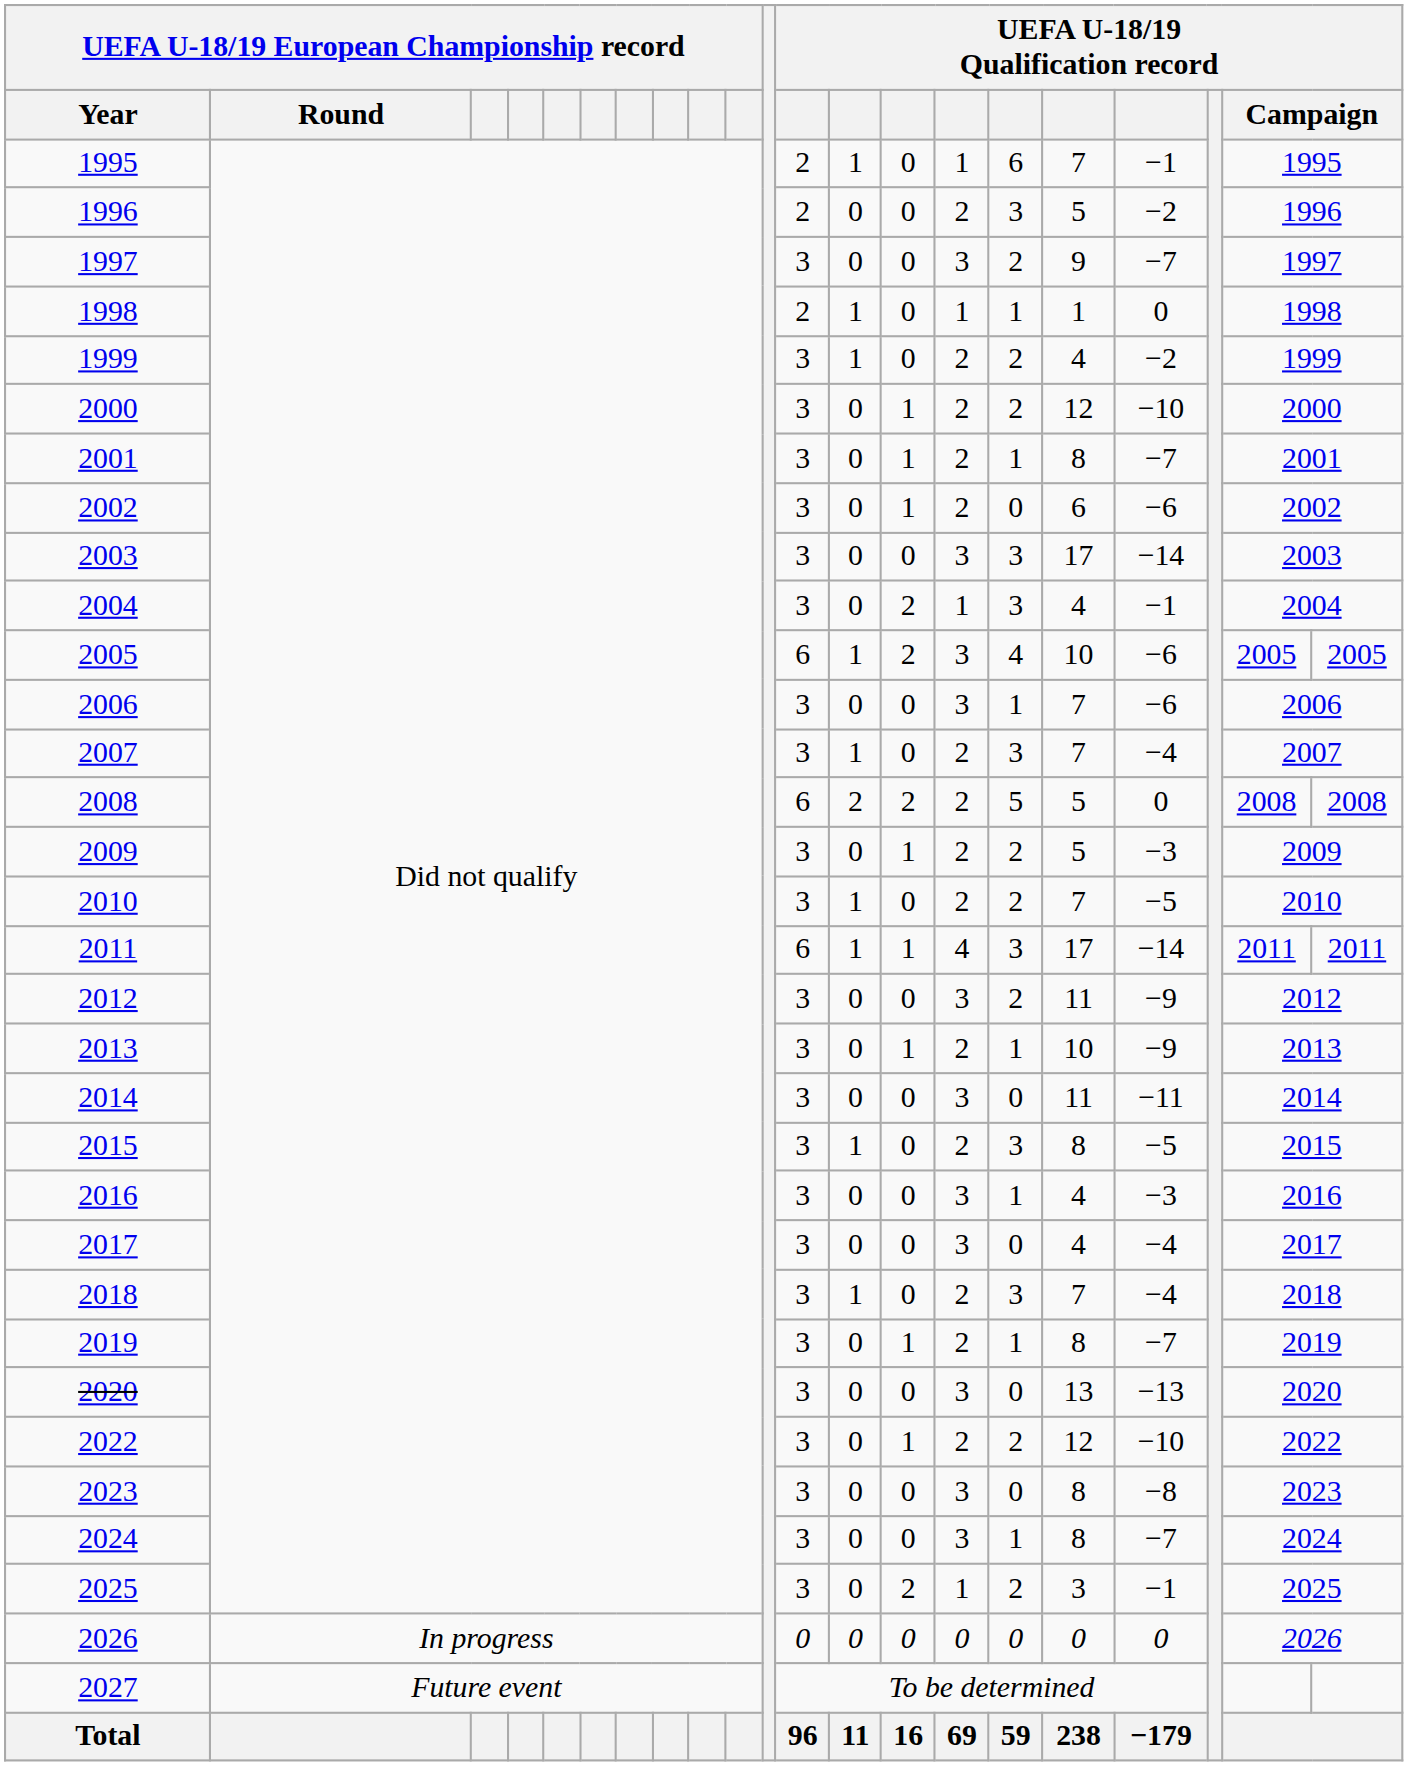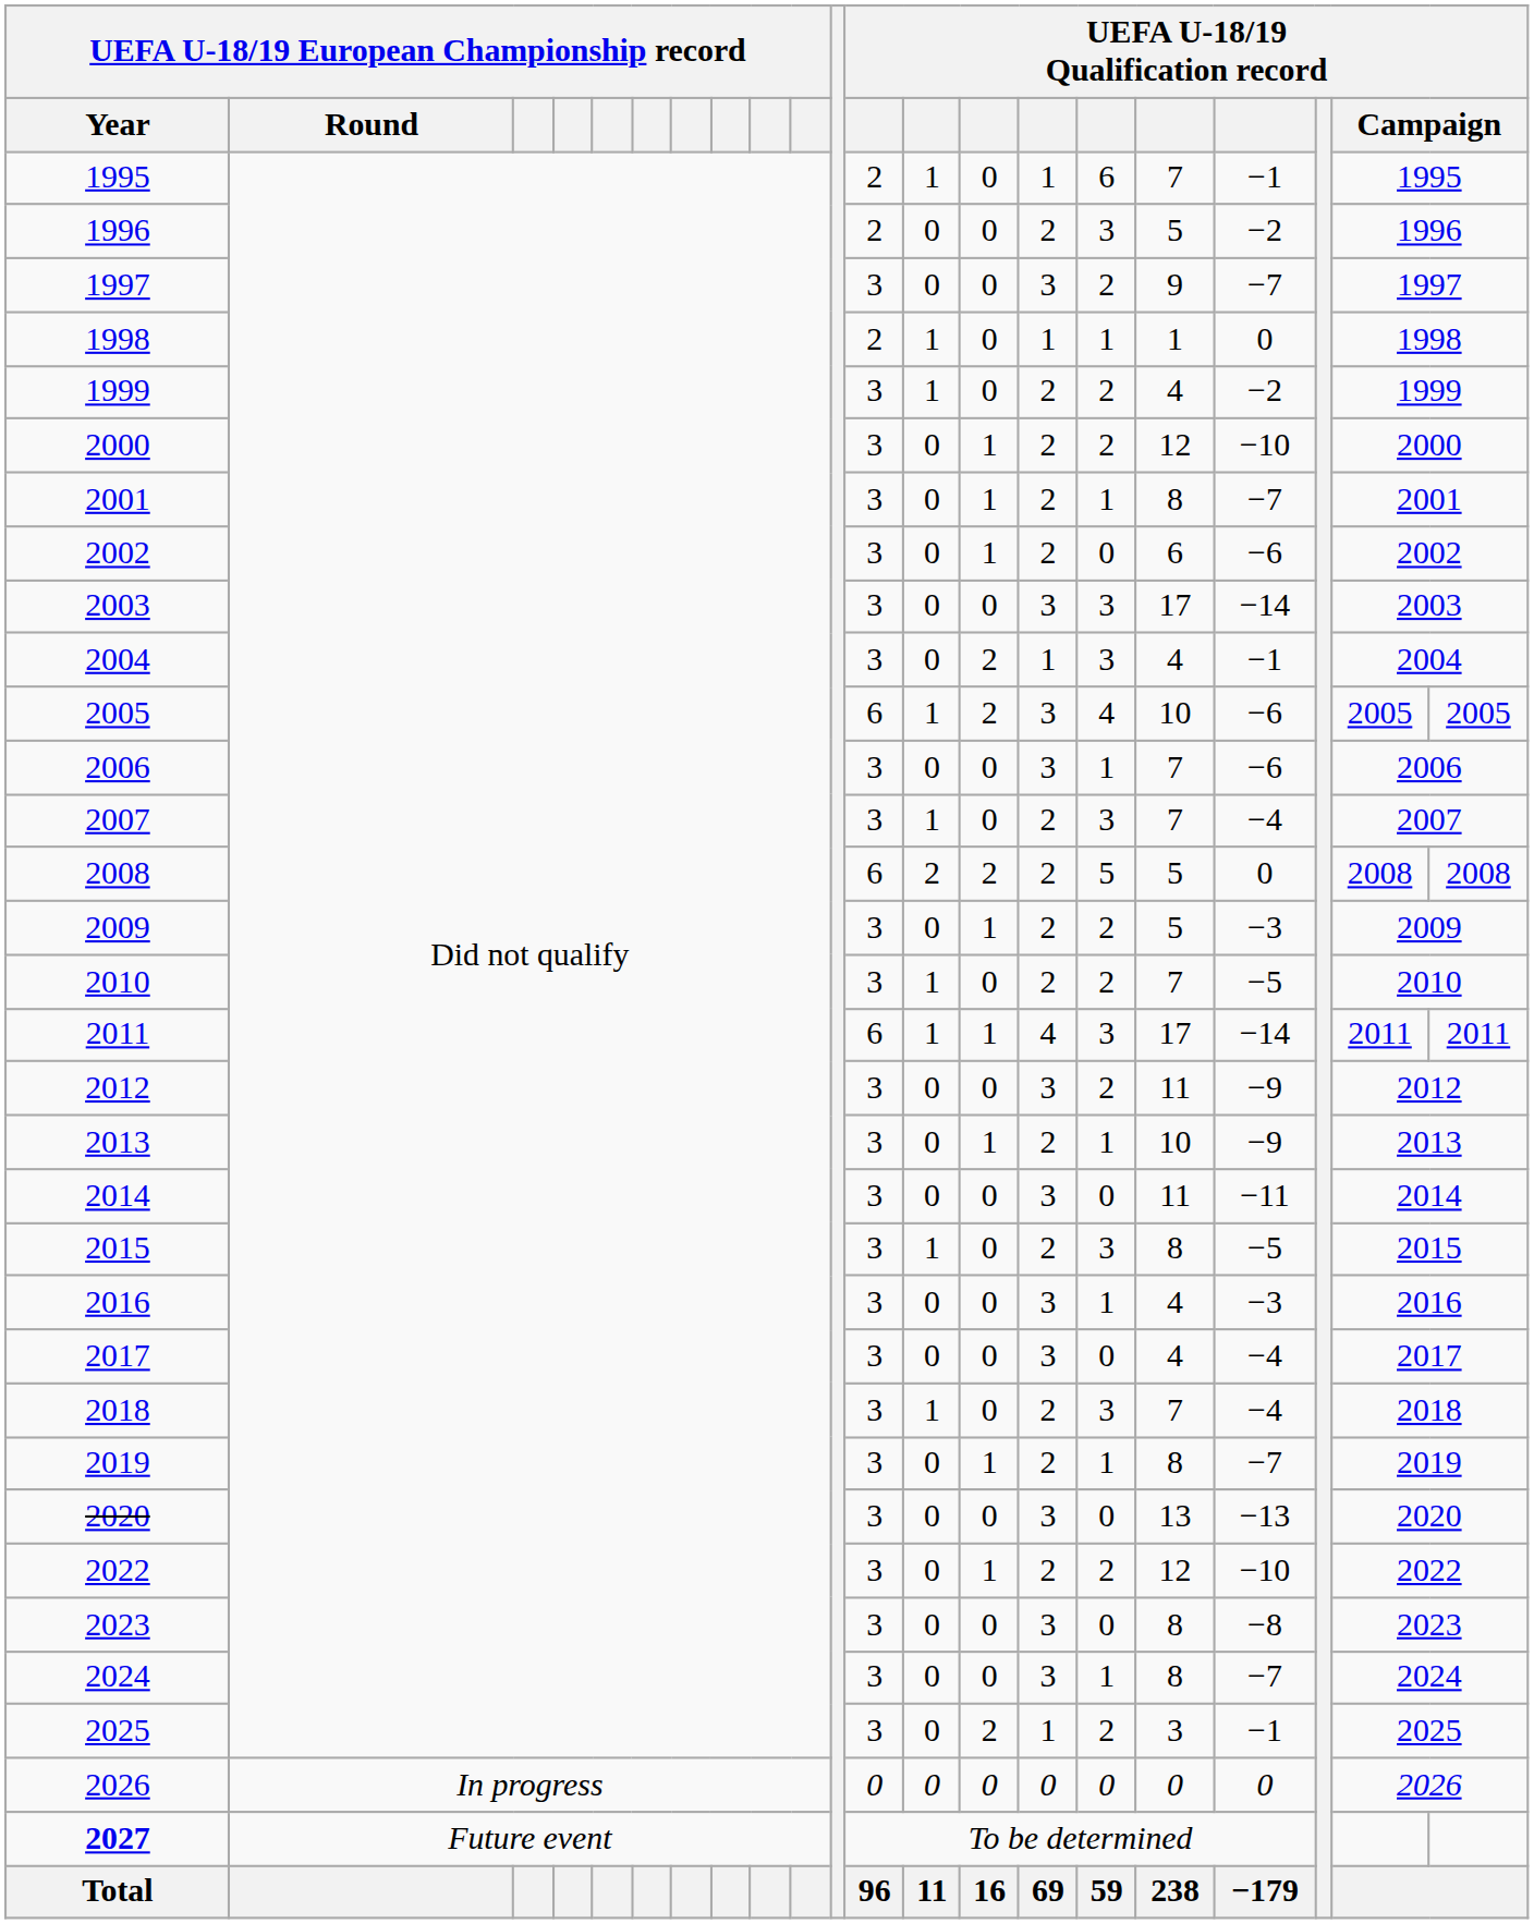 <table class="wikitable" style="text-align: center; font-size: 90%;">
 <tr>
 <th colspan="10"><a href='#'>UEFA U-18/19 European Championship</a> record</th>
 <th rowspan="35" width="1%"></th>
 <th colspan="10">UEFA U-18/19<br>Qualification record</th>
 </tr>
 <tr>
 <th>Year</th>
 <th>Round</th>
 <th></th>
 <th></th>
 <th></th>
 <th></th>
 <th></th>
 <th></th>
 <th></th>
 <th></th>
 <th></th>
 <th></th>
 <th></th>
 <th></th>
 <th></th>
 <th></th>
 <th></th>
 <th rowspan="34" width="1%"></th>
 <th colspan="2">Campaign</th>
 </tr>
 <tr>
 <td> <a href='#'>1995</a></td>
 <td colspan="9" rowspan="30">Did not qualify</td>
 <td>2</td>
 <td>1</td>
 <td>0</td>
 <td>1</td>
 <td>6</td>
 <td>7</td>
 <td>−1</td>
 <td colspan= "2"><a href='#'>1995</a></td>
 </tr>
 <tr>
 <td>  <a href='#'>1996</a></td>
 <td>2</td>
 <td>0</td>
 <td>0</td>
 <td>2</td>
 <td>3</td>
 <td>5</td>
 <td>−2</td>
 <td colspan= "2"><a href='#'>1996</a></td>
 </tr>
 <tr>
 <td> <a href='#'>1997</a></td>
 <td>3</td>
 <td>0</td>
 <td>0</td>
 <td>3</td>
 <td>2</td>
 <td>9</td>
 <td>−7</td>
 <td colspan= "2"><a href='#'>1997</a></td>
 </tr>
 <tr>
 <td> <a href='#'>1998</a></td>
 <td>2</td>
 <td>1</td>
 <td>0</td>
 <td>1</td>
 <td>1</td>
 <td>1</td>
 <td>0</td>
 <td colspan= "2"><a href='#'>1998</a></td>
 </tr>
 <tr>
 <td> <a href='#'>1999</a></td>
 <td>3</td>
 <td>1</td>
 <td>0</td>
 <td>2</td>
 <td>2</td>
 <td>4</td>
 <td>−2</td>
 <td colspan= "2"><a href='#'>1999</a></td>
 </tr>
 <tr>
 <td> <a href='#'>2000</a></td>
 <td>3</td>
 <td>0</td>
 <td>1</td>
 <td>2</td>
 <td>2</td>
 <td>12</td>
 <td>−10</td>
 <td colspan= "2"><a href='#'>2000</a></td>
 </tr>
 <tr>
 <td> <a href='#'>2001</a></td>
 <td>3</td>
 <td>0</td>
 <td>1</td>
 <td>2</td>
 <td>1</td>
 <td>8</td>
 <td>−7</td>
 <td colspan= "2"><a href='#'>2001</a></td>
 </tr>
 <tr>
 <td> <a href='#'>2002</a></td>
 <td>3</td>
 <td>0</td>
 <td>1</td>
 <td>2</td>
 <td>0</td>
 <td>6</td>
 <td>−6</td>
 <td colspan= "2"><a href='#'>2002</a></td>
 </tr>
 <tr>
 <td> <a href='#'>2003</a></td>
 <td>3</td>
 <td>0</td>
 <td>0</td>
 <td>3</td>
 <td>3</td>
 <td>17</td>
 <td>−14</td>
 <td colspan= "2"><a href='#'>2003</a></td>
 </tr>
 <tr>
 <td> <a href='#'>2004</a></td>
 <td>3</td>
 <td>0</td>
 <td>2</td>
 <td>1</td>
 <td>3</td>
 <td>4</td>
 <td>−1</td>
 <td colspan= "2"><a href='#'>2004</a></td>
 </tr>
 <tr>
 <td> <a href='#'>2005</a></td>
 <td>6</td>
 <td>1</td>
 <td>2</td>
 <td>3</td>
 <td>4</td>
 <td>10</td>
 <td>−6</td>
 <td><a href='#'>2005</a></td>
 <td><a href='#'>2005</a></td>
 </tr>
 <tr>
 <td> <a href='#'>2006</a></td>
 <td>3</td>
 <td>0</td>
 <td>0</td>
 <td>3</td>
 <td>1</td>
 <td>7</td>
 <td>−6</td>
 <td colspan= "2"><a href='#'>2006</a></td>
 </tr>
 <tr>
 <td> <a href='#'>2007</a></td>
 <td>3</td>
 <td>1</td>
 <td>0</td>
 <td>2</td>
 <td>3</td>
 <td>7</td>
 <td>−4</td>
 <td colspan= "2"><a href='#'>2007</a></td>
 </tr>
 <tr>
 <td> <a href='#'>2008</a></td>
 <td>6</td>
 <td>2</td>
 <td>2</td>
 <td>2</td>
 <td>5</td>
 <td>5</td>
 <td>0</td>
 <td><a href='#'>2008</a></td>
 <td><a href='#'>2008</a></td>
 </tr>
 <tr>
 <td> <a href='#'>2009</a></td>
 <td>3</td>
 <td>0</td>
 <td>1</td>
 <td>2</td>
 <td>2</td>
 <td>5</td>
 <td>−3</td>
 <td colspan= "2"><a href='#'>2009</a></td>
 </tr>
 <tr>
 <td> <a href='#'>2010</a></td>
 <td>3</td>
 <td>1</td>
 <td>0</td>
 <td>2</td>
 <td>2</td>
 <td>7</td>
 <td>−5</td>
 <td colspan= "2"><a href='#'>2010</a></td>
 </tr>
 <tr>
 <td> <a href='#'>2011</a></td>
 <td>6</td>
 <td>1</td>
 <td>1</td>
 <td>4</td>
 <td>3</td>
 <td>17</td>
 <td>−14</td>
 <td><a href='#'>2011</a></td>
 <td><a href='#'>2011</a></td>
 </tr>
 <tr>
 <td> <a href='#'>2012</a></td>
 <td>3</td>
 <td>0</td>
 <td>0</td>
 <td>3</td>
 <td>2</td>
 <td>11</td>
 <td>−9</td>
 <td colspan= "2"><a href='#'>2012</a></td>
 </tr>
 <tr>
 <td> <a href='#'>2013</a></td>
 <td>3</td>
 <td>0</td>
 <td>1</td>
 <td>2</td>
 <td>1</td>
 <td>10</td>
 <td>−9</td>
 <td colspan= "2"><a href='#'>2013</a></td>
 </tr>
 <tr>
 <td> <a href='#'>2014</a></td>
 <td>3</td>
 <td>0</td>
 <td>0</td>
 <td>3</td>
 <td>0</td>
 <td>11</td>
 <td>−11</td>
 <td colspan= "2"><a href='#'>2014</a></td>
 </tr>
 <tr>
 <td> <a href='#'>2015</a></td>
 <td>3</td>
 <td>1</td>
 <td>0</td>
 <td>2</td>
 <td>3</td>
 <td>8</td>
 <td>−5</td>
 <td colspan= "2"><a href='#'>2015</a></td>
 </tr>
 <tr>
 <td> <a href='#'>2016</a></td>
 <td>3</td>
 <td>0</td>
 <td>0</td>
 <td>3</td>
 <td>1</td>
 <td>4</td>
 <td>−3</td>
 <td colspan= "2"><a href='#'>2016</a></td>
 </tr>
 <tr>
 <td> <a href='#'>2017</a></td>
 <td>3</td>
 <td>0</td>
 <td>0</td>
 <td>3</td>
 <td>0</td>
 <td>4</td>
 <td>−4</td>
 <td colspan= "2"><a href='#'>2017</a></td>
 </tr>
 <tr>
 <td> <a href='#'>2018</a></td>
 <td>3</td>
 <td>1</td>
 <td>0</td>
 <td>2</td>
 <td>3</td>
 <td>7</td>
 <td>−4</td>
 <td colspan= "2"><a href='#'>2018</a></td>
 </tr>
 <tr>
 <td> <a href='#'>2019</a></td>
 <td>3</td>
 <td>0</td>
 <td>1</td>
 <td>2</td>
 <td>1</td>
 <td>8</td>
 <td>−7</td>
 <td colspan= "2"><a href='#'>2019</a></td>
 </tr>
 <tr>
 <td> <s><a href='#'>2020</a></s></td>
 <td>3</td>
 <td>0</td>
 <td>0</td>
 <td>3</td>
 <td>0</td>
 <td>13</td>
 <td>−13</td>
 <td colspan= "2"><a href='#'>2020</a></td>
 </tr>
 <tr>
 <td> <a href='#'>2022</a></td>
 <td>3</td>
 <td>0</td>
 <td>1</td>
 <td>2</td>
 <td>2</td>
 <td>12</td>
 <td>−10</td>
 <td colspan= "2"><a href='#'>2022</a></td>
 </tr>
 <tr>
 <td> <a href='#'>2023</a></td>
 <td>3</td>
 <td>0</td>
 <td>0</td>
 <td>3</td>
 <td>0</td>
 <td>8</td>
 <td>−8</td>
 <td colspan= "2"><a href='#'>2023</a></td>
 </tr>
 <tr>
 <td> <a href='#'>2024</a></td>
 <td>3</td>
 <td>0</td>
 <td>0</td>
 <td>3</td>
 <td>1</td>
 <td>8</td>
 <td>−7</td>
 <td colspan= "2"><a href='#'>2024</a></td>
 </tr>
 <tr>
 <td> <a href='#'>2025</a></td>
 <td>3</td>
 <td>0</td>
 <td>2</td>
 <td>1</td>
 <td>2</td>
 <td>3</td>
 <td>−1</td>
 <td colspan= "2"><a href='#'>2025</a></td>
 </tr>
 <tr>
 <td> <a href='#'>2026</a></td>
 <td colspan="9"><em>In progress</em></td>
 <td><em>0</em></td>
 <td><em>0</em></td>
 <td><em>0</em></td>
 <td><em>0</em></td>
 <td><em>0</em></td>
 <td><em>0</em></td>
 <td><em>0</em></td>
 <td colspan= "2"><em><a href='#'>2026</a></em></td>
 </tr>
 <tr>
-<td> <a href='#'>2027</a></td>
+<td><strong> <a href='#'>2027</a></strong></td>
 <td colspan="9"><em>Future event</em></td>
 <td colspan="7"><em>To be determined</em></td>
 <td></td>
 <td></td>
 </tr>
 <tr>
 <th>Total</th>
 <th></th>
 <th></th>
 <th></th>
 <th></th>
 <th></th>
 <th></th>
 <th></th>
 <th></th>
 <th></th>
 <th>96</th>
 <th>11</th>
 <th>16</th>
 <th>69</th>
 <th>59</th>
 <th>238</th>
 <th>−179</th>
 <th colspan="2"></th>
 </tr>
 </table>
